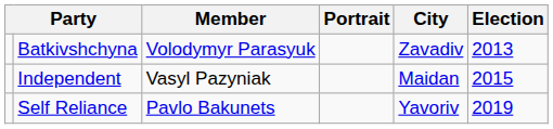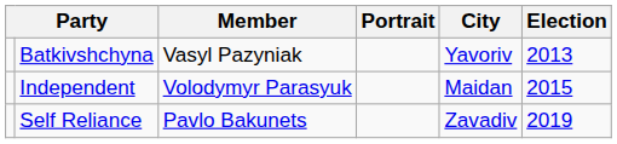 <table class="wikitable">
 <tr>
 <th colspan="2">Party</th>
 <th>Member</th>
 <th>Portrait</th>
 <th>City</th>
 <th>Election</th>
 </tr>
 <tr>
 <td style="background-color: "></td>
 <td><a href='#'>Batkivshchyna</a></td>
-<td><a href='#'>Volodymyr Parasyuk</a></td>
+<td>Vasyl Pazyniak</td>
 <td></td>
-<td><a href='#'>Zavadiv</a></td>
+<td><a href='#'>Yavoriv</a></td>
 <td><a href='#'>2013</a></td>
 </tr>
 <tr>
 <td style="background-color: "></td>
 <td><a href='#'>Independent</a></td>
-<td>Vasyl Pazyniak</td>
+<td><a href='#'>Volodymyr Parasyuk</a></td>
 <td></td>
 <td><a href='#'>Maidan</a></td>
 <td><a href='#'>2015</a></td>
 </tr>
 <tr>
 <td style="background-color: "></td>
 <td><a href='#'>Self Reliance</a></td>
 <td><a href='#'>Pavlo Bakunets</a></td>
 <td></td>
-<td><a href='#'>Yavoriv</a></td>
+<td><a href='#'>Zavadiv</a></td>
 <td><a href='#'>2019</a></td>
 </tr>
 </table>
